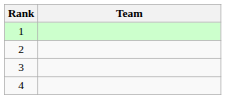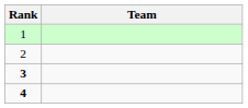 <table class="wikitable" style="text-align:center">
 <tr>
 <th width=40>Rank</th>
 <th width=250>Team</th>
 </tr>
 <tr bgcolor=#ccffcc>
 <td>1</td>
 <td style="text-align:left"></td>
 </tr>
 <tr>
 <td>2</td>
 <td style="text-align:left"></td>
 </tr>
 <tr>
-<td>3</td>
+<td><strong>3</strong></td>
 <td style="text-align:left"></td>
 </tr>
 <tr>
-<td>4</td>
+<td><strong>4</strong></td>
 <td style="text-align:left"></td>
 </tr>
 </table>
